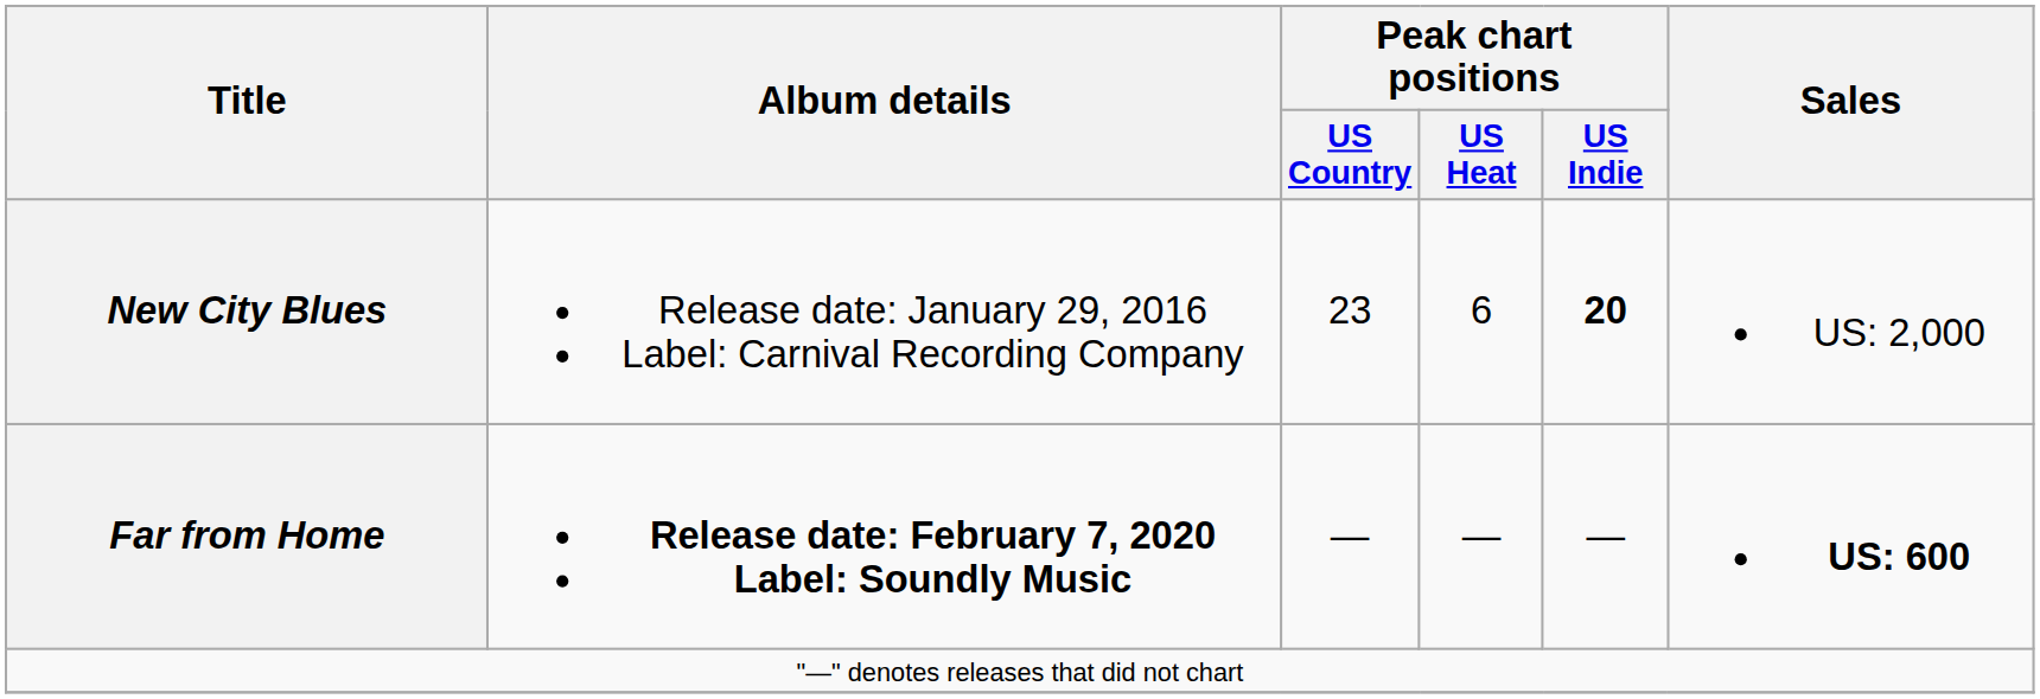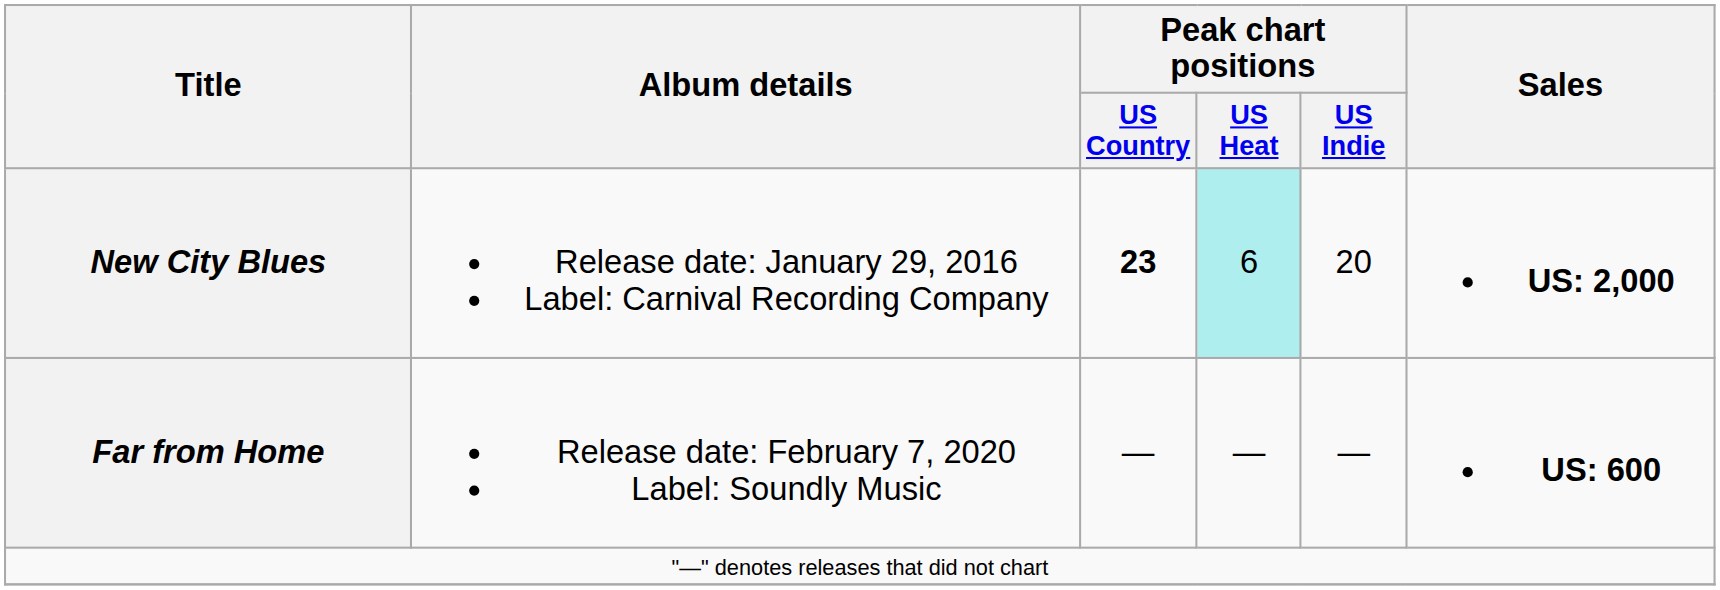 <table class="wikitable plainrowheaders" style="text-align:center;">
 <tr>
 <th rowspan="2" style="width:12em;">Title</th>
 <th rowspan="2" style="width:20em;">Album details</th>
 <th colspan="3">Peak chart positions</th>
 <th rowspan="2" style="width:9em;">Sales</th>
 </tr>
 <tr style="font-size:smaller;">
 <th style="width:45px;"><a href='#'>US Country</a><br></th>
 <th style="width:45px;"><a href='#'>US Heat</a><br></th>
 <th style="width:45px;"><a href='#'>US Indie</a><br></th>
 </tr>
 <tr>
 <th scope="row"><em>New City Blues</em></th>
 <td><br><ul><li>Release date: January 29, 2016</li><li>Label: Carnival Recording Company</li></ul></td>
-<td>23</td>
-<td>6</td>
-<td><strong>20</strong></td>
-<td><br><ul><li>US: 2,000</li></ul></td>
+<td><strong>23</strong></td>
+<td style="background: paleturquoise;">6</td>
+<td>20</td>
+<td><strong><br><ul><li>US: 2,000</li></ul></strong></td>
 </tr>
 <tr>
 <th scope="row"><em>Far from Home</em></th>
-<td><strong><br><ul><li>Release date: February 7, 2020</li><li>Label: Soundly Music</li></ul></strong></td>
+<td><br><ul><li>Release date: February 7, 2020</li><li>Label: Soundly Music</li></ul></td>
 <td>—</td>
 <td>—</td>
 <td>—</td>
 <td><strong><br><ul><li>US: 600</li></ul></strong></td>
 </tr>
 <tr>
 <td colspan="8" style="font-size:8pt">"—" denotes releases that did not chart</td>
 </tr>
 <tr>
 </tr>
 </table>
